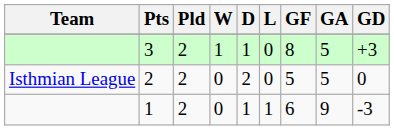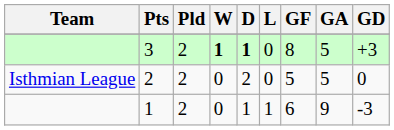 <table class="wikitable">
 <tr>
 <th>Team</th>
 <th>Pts</th>
 <th>Pld</th>
 <th>W</th>
 <th>D</th>
 <th>L</th>
 <th>GF</th>
 <th>GA</th>
 <th>GD</th>
 </tr>
 <tr>
 </tr>
 <tr style="background:#cfc;">
 <td></td>
 <td>3</td>
 <td>2</td>
-<td>1</td>
-<td>1</td>
+<td><strong>1</strong></td>
+<td><strong>1</strong></td>
 <td>0</td>
 <td>8</td>
 <td>5</td>
 <td>+3</td>
 </tr>
 <tr>
 <td> <a href='#'>Isthmian League</a></td>
 <td>2</td>
 <td>2</td>
 <td>0</td>
 <td>2</td>
 <td>0</td>
 <td>5</td>
 <td>5</td>
 <td>0</td>
 </tr>
 <tr>
 <td></td>
 <td>1</td>
 <td>2</td>
 <td>0</td>
 <td>1</td>
 <td>1</td>
 <td>6</td>
 <td>9</td>
 <td>-3</td>
 </tr>
 </table>
